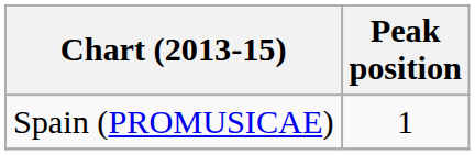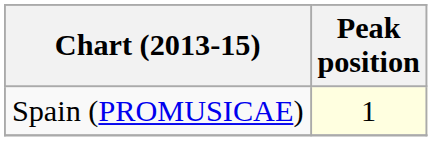 <table class="wikitable sortable">
 <tr>
 <th scope="col">Chart (2013-15)</th>
 <th scope="col">Peak<br>position</th>
 </tr>
 <tr>
 <td>Spain (<a href='#'>PROMUSICAE</a>)</td>
-<td align="center">1</td>
+<td align="center" style="background: lightyellow;">1</td>
 </tr>
 <tr>
 </tr>
 </table>
